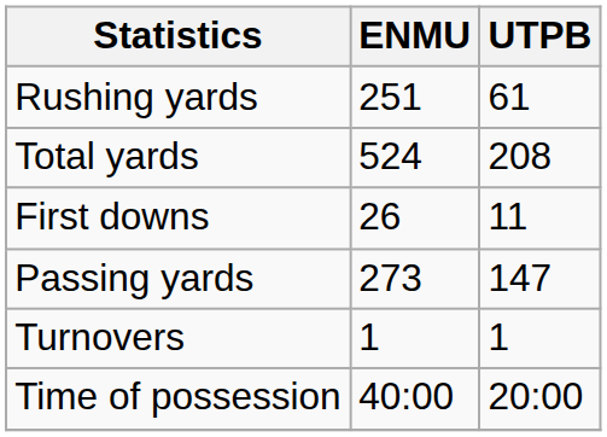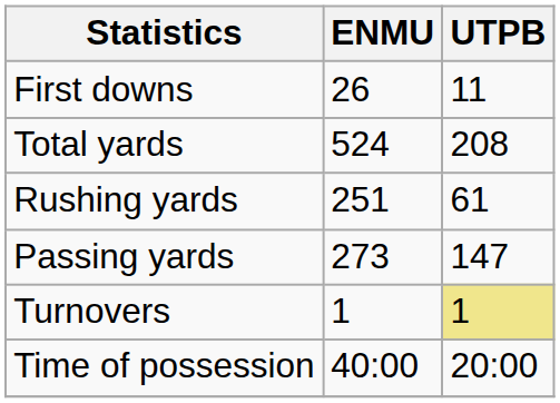 <table class="wikitable" style="float: left;">
 <tr>
 <th>Statistics</th>
 <th>ENMU</th>
 <th>UTPB</th>
 </tr>
 <tr>
-<td>Rushing yards</td>
-<td>251</td>
-<td>61</td>
+<td>First downs</td>
+<td>26</td>
+<td>11</td>
 </tr>
 <tr>
 <td>Total yards</td>
 <td>524</td>
 <td>208</td>
 </tr>
 <tr>
-<td>First downs</td>
-<td>26</td>
-<td>11</td>
+<td>Rushing yards</td>
+<td>251</td>
+<td>61</td>
 </tr>
 <tr>
 <td>Passing yards</td>
 <td>273</td>
 <td>147</td>
 </tr>
 <tr>
 <td>Turnovers</td>
 <td>1</td>
-<td>1</td>
+<td style="background: khaki;">1</td>
 </tr>
 <tr>
 <td>Time of possession</td>
 <td>40:00</td>
 <td>20:00</td>
 </tr>
 <tr>
 </tr>
 </table>
